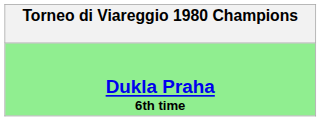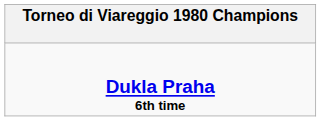 <table class="wikitable" style="margin: 0 auto; width: 30%;">
 <tr>
 <th><big>Torneo di Viareggio 1980 Champions</big><br><br></th>
 </tr>
 <tr>
-<td align=center style="background: lightgreen;"><br><br><big><big><strong><a href='#'>Dukla Praha</a></strong><br></big></big><strong>6th time</strong></td>
+<td align=center><br><br><big><big><strong><a href='#'>Dukla Praha</a></strong><br></big></big><strong>6th time</strong></td>
 </tr>
 </table>
